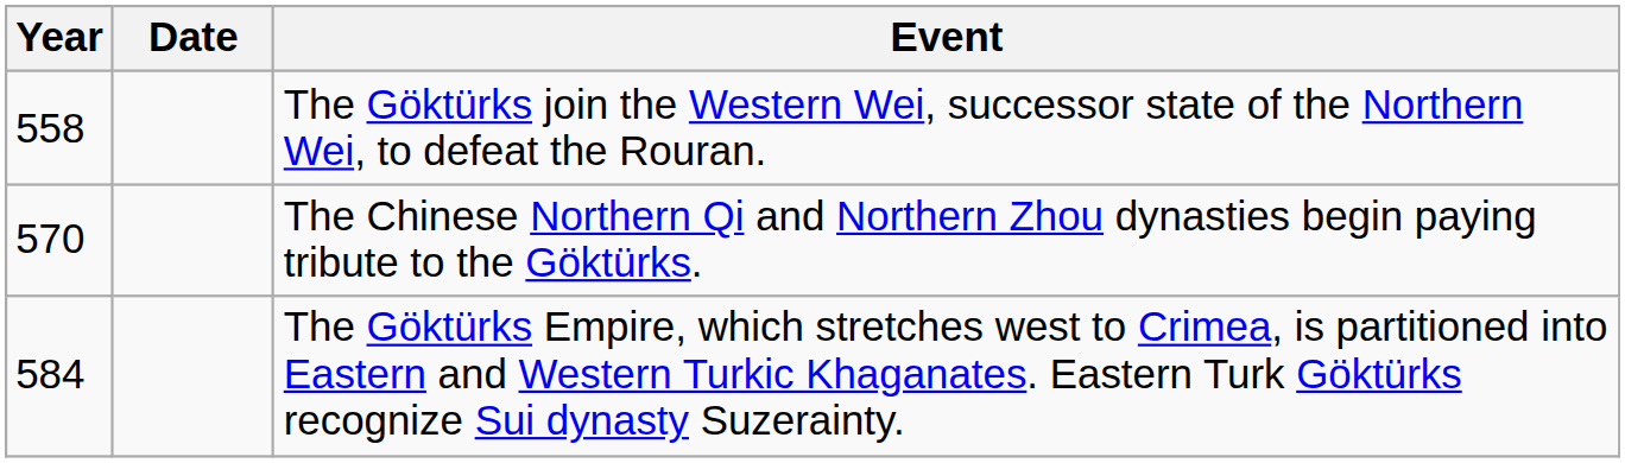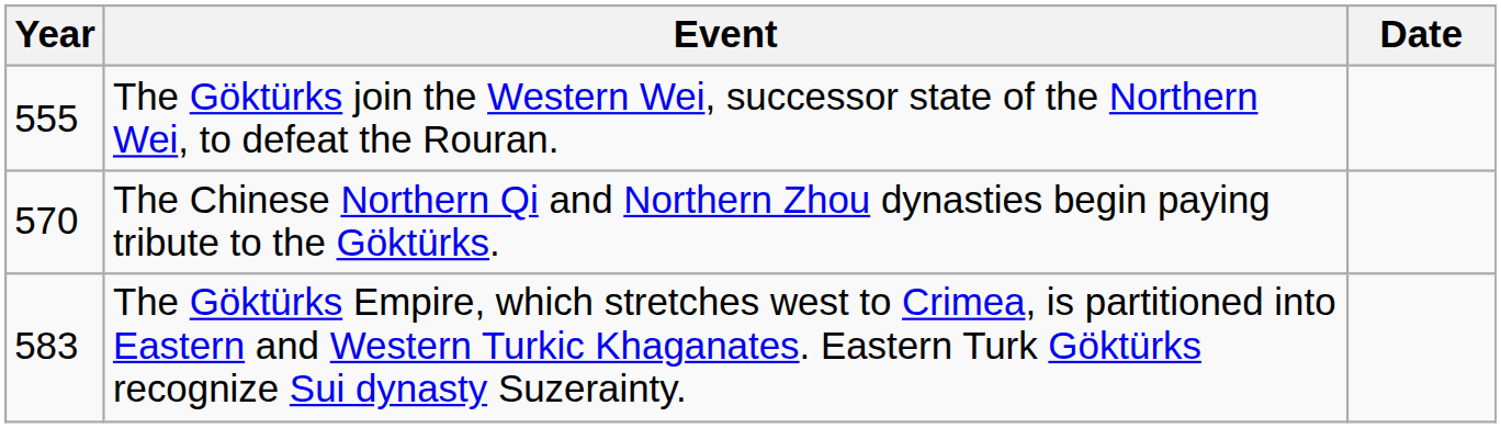 <table class="wikitable" width="100%">
 <tr>
 <th style="width:6%">Year</th>
+<th>Event</th>
 <th style="width:10%">Date</th>
-<th>Event</th>
 </tr>
 <tr>
-<td>558</td>
+<td>555</td>
+<td>The <a href='#'>Göktürks</a> join the <a href='#'>Western Wei</a>, successor state of the <a href='#'>Northern Wei</a>, to defeat the Rouran.</td>
 <td></td>
-<td>The <a href='#'>Göktürks</a> join the <a href='#'>Western Wei</a>, successor state of the <a href='#'>Northern Wei</a>, to defeat the Rouran.</td>
 </tr>
 <tr>
 <td>570</td>
+<td>The Chinese <a href='#'>Northern Qi</a> and <a href='#'>Northern Zhou</a> dynasties begin paying tribute to the <a href='#'>Göktürks</a>.</td>
 <td></td>
-<td>The Chinese <a href='#'>Northern Qi</a> and <a href='#'>Northern Zhou</a> dynasties begin paying tribute to the <a href='#'>Göktürks</a>.</td>
 </tr>
 <tr>
-<td>584</td>
+<td>583</td>
+<td>The <a href='#'>Göktürks</a> Empire, which stretches west to <a href='#'>Crimea</a>, is partitioned into <a href='#'>Eastern</a> and <a href='#'>Western Turkic Khaganates</a>. Eastern Turk <a href='#'>Göktürks</a> recognize <a href='#'>Sui dynasty</a> Suzerainty.</td>
 <td></td>
-<td>The <a href='#'>Göktürks</a> Empire, which stretches west to <a href='#'>Crimea</a>, is partitioned into <a href='#'>Eastern</a> and <a href='#'>Western Turkic Khaganates</a>. Eastern Turk <a href='#'>Göktürks</a> recognize <a href='#'>Sui dynasty</a> Suzerainty.</td>
 </tr>
 </table>
